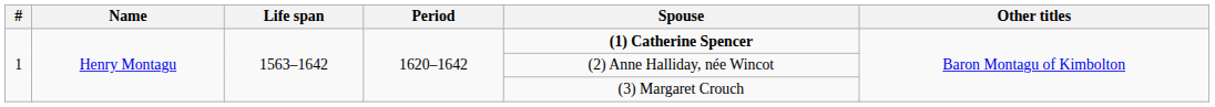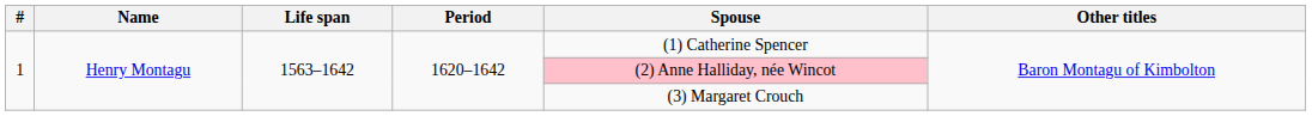 <table style="text-align:center; width:100%;" class="wikitable" |Created by >
 <tr>
 <th>#</th>
 <th>Name</th>
 <th>Life span</th>
 <th>Period</th>
 <th>Spouse</th>
 <th>Other titles</th>
 </tr>
 <tr>
 <td rowspan="3">1</td>
 <td rowspan="3"><a href='#'>Henry Montagu</a></td>
 <td rowspan="3">1563–1642</td>
 <td rowspan="3">1620–1642</td>
-<td><strong>(1) Catherine Spencer</strong></td>
+<td>(1) Catherine Spencer</td>
 <td rowspan="3"><a href='#'>Baron Montagu of Kimbolton</a></td>
 </tr>
 <tr>
-<td>(2) Anne Halliday, née Wincot</td>
+<td style="background: pink;">(2) Anne Halliday, née Wincot</td>
 </tr>
 <tr>
 <td>(3) Margaret Crouch</td>
 </tr>
 </table>
